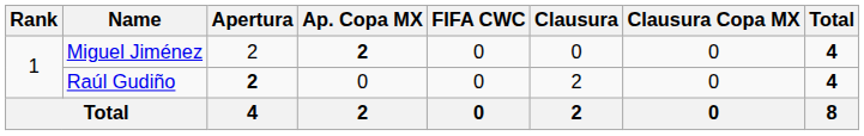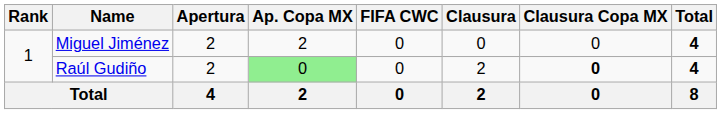 <table class="wikitable" style="text-align: center;">
 <tr>
 <th>Rank</th>
 <th>Name</th>
 <th>Apertura</th>
 <th>Ap. Copa MX</th>
 <th>FIFA CWC</th>
 <th>Clausura</th>
 <th>Clausura Copa MX</th>
 <th>Total</th>
 </tr>
 <tr>
 <td rowspan=2>1</td>
 <td align=left> <a href='#'>Miguel Jiménez</a></td>
 <td>2</td>
-<td><strong>2</strong></td>
+<td>2</td>
 <td>0</td>
 <td>0</td>
 <td>0</td>
 <td><strong>4</strong></td>
 </tr>
 <tr>
 <td align=left> <a href='#'>Raúl Gudiño</a></td>
-<td><strong>2</strong></td>
-<td>0</td>
+<td>2</td>
+<td style="background: lightgreen;">0</td>
 <td>0</td>
 <td>2</td>
-<td>0</td>
+<td><strong>0</strong></td>
 <td><strong>4</strong></td>
 </tr>
 <tr>
 <th colspan=2>Total</th>
 <th>4</th>
 <th>2</th>
 <th>0</th>
 <th>2</th>
 <th>0</th>
 <th>8</th>
 </tr>
 </table>
